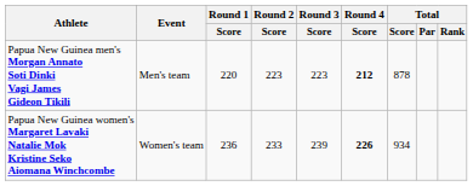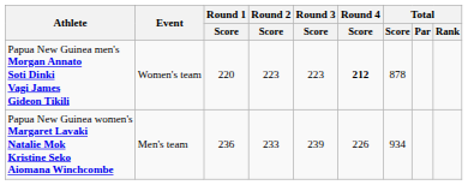 <table class=wikitable style=font-size:90%;text-align:center>
 <tr>
 <th rowspan=2>Athlete</th>
 <th rowspan=2>Event</th>
 <th>Round 1</th>
 <th>Round 2</th>
 <th>Round 3</th>
 <th>Round 4</th>
 <th colspan=3>Total</th>
 </tr>
 <tr style=font-size:95%>
 <th>Score</th>
 <th>Score</th>
 <th>Score</th>
 <th>Score</th>
 <th>Score</th>
 <th>Par</th>
 <th>Rank</th>
 </tr>
 <tr>
 <td align=left>Papua New Guinea men's<br><strong><a href='#'>Morgan Annato</a><br><a href='#'>Soti Dinki</a><br><a href='#'>Vagi James</a><br><a href='#'>Gideon Tikili</a></strong></td>
-<td align=left>Men's team</td>
+<td align=left>Women's team</td>
 <td>220</td>
 <td>223</td>
 <td>223</td>
 <td><strong>212</strong></td>
 <td>878</td>
 <td></td>
 <td></td>
 </tr>
 <tr>
 <td align=left>Papua New Guinea women's<br><strong><a href='#'>Margaret Lavaki</a><br><a href='#'>Natalie Mok</a><br><a href='#'>Kristine Seko</a><br><a href='#'>Aiomana Winchcombe</a></strong></td>
-<td align=left>Women's team</td>
+<td align=left>Men's team</td>
 <td>236</td>
 <td>233</td>
 <td>239</td>
-<td><strong>226</strong></td>
+<td>226</td>
 <td>934</td>
 <td></td>
 <td></td>
 </tr>
 </table>
